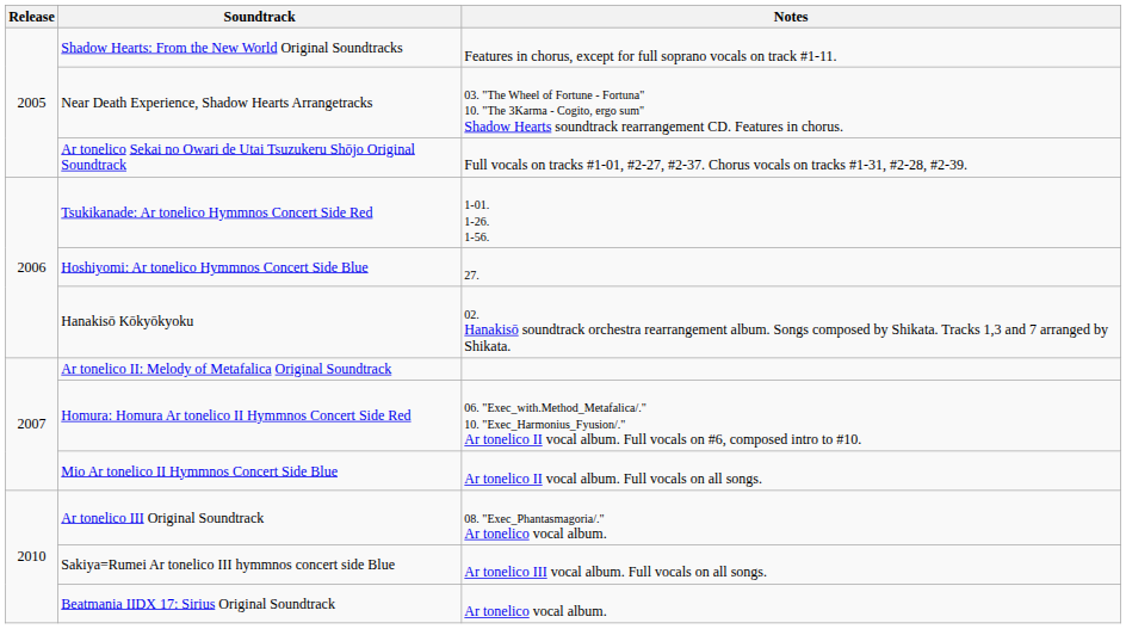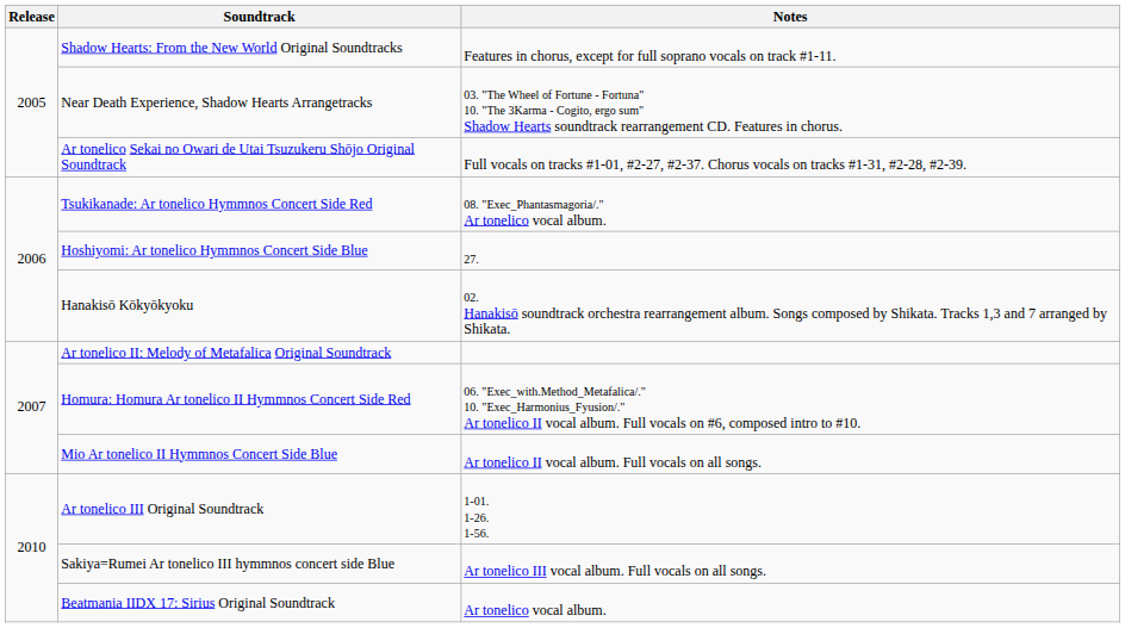 <table class="wikitable" style="text-align:center">
 <tr bgcolor="#CCCCCC">
 <th rowspan="1">Release</th>
 <th rowspan="1">Soundtrack</th>
 <th rowspan="1">Notes</th>
 </tr>
 <tr>
 <td rowspan="3">2005</td>
 <td align="left"><a href='#'>Shadow Hearts: From the New World</a> Original Soundtracks</td>
 <td align="left"><br>Features in chorus, except for full soprano vocals on track #1-11.</td>
 </tr>
 <tr>
 <td align="left">Near Death Experience, Shadow Hearts Arrangetracks</td>
 <td align="left"><br><small>03. "The Wheel of Fortune - Fortuna"<br>10. "The 3Karma - Cogito, ergo sum"</small> <br><a href='#'>Shadow Hearts</a> soundtrack rearrangement CD. Features in chorus.</td>
 </tr>
 <tr>
 <td align="left"><a href='#'>Ar tonelico</a> <a href='#'>Sekai no Owari de Utai Tsuzukeru Shōjo Original Soundtrack</a></td>
 <td align="left"><br>Full vocals on tracks #1-01, #2-27, #2-37. Chorus vocals on tracks #1-31, #2-28, #2-39.</td>
 </tr>
 <tr>
 <td rowspan="3">2006</td>
 <td align="left"><a href='#'>Tsukikanade: Ar tonelico Hymmnos Concert Side Red</a></td>
-<td align="left"><br><small>1-01. <br>1-26. <br>1-56. <br></small></td>
+<td align="left"><br><small>08. "Exec_Phantasmagoria/."</small> <br><a href='#'>Ar tonelico</a> vocal album.</td>
 </tr>
 <tr>
 <td align="left"><a href='#'>Hoshiyomi: Ar tonelico Hymmnos Concert Side Blue</a></td>
 <td align="left"><br><small>27. </small></td>
 </tr>
 <tr>
 <td align="left">Hanakisō Kōkyōkyoku</td>
 <td align="left"><br><small>02. </small> <br><a href='#'>Hanakisō</a> soundtrack orchestra rearrangement album. Songs composed by Shikata. Tracks 1,3 and 7 arranged by Shikata.</td>
 </tr>
 <tr>
 <td rowspan="3">2007</td>
 <td align="left"><a href='#'>Ar tonelico II: Melody of Metafalica</a> <a href='#'>Original Soundtrack</a></td>
 <td align="left"></td>
 </tr>
 <tr>
 <td align="left"><a href='#'>Homura: Homura Ar tonelico II Hymmnos Concert Side Red</a></td>
 <td align="left"><br><small>06. "Exec_with.Method_Metafalica/."<br>10. "Exec_Harmonius_Fyusion/."</small>   <br><a href='#'>Ar tonelico II</a> vocal album. Full vocals on #6, composed intro to #10.</td>
 </tr>
 <tr>
 <td align="left"><a href='#'>Mio Ar tonelico II Hymmnos Concert Side Blue</a></td>
 <td align="left"><br><a href='#'>Ar tonelico II</a> vocal album. Full vocals on all songs.</td>
 </tr>
 <tr>
 <td rowspan="3">2010</td>
 <td align="left"><a href='#'>Ar tonelico III</a> Original Soundtrack</td>
-<td align="left"><br><small>08. "Exec_Phantasmagoria/."</small> <br><a href='#'>Ar tonelico</a> vocal album.</td>
+<td align="left"><br><small>1-01. <br>1-26. <br>1-56. <br></small></td>
 </tr>
 <tr>
 <td align="left">Sakiya=Rumei Ar tonelico III hymmnos concert side Blue</td>
 <td align="left"><br><a href='#'>Ar tonelico III</a> vocal album. Full vocals on all songs.</td>
 </tr>
 <tr>
 <td align="left"><a href='#'>Beatmania IIDX 17: Sirius</a> Original Soundtrack</td>
 <td align="left"><br><a href='#'>Ar tonelico</a> vocal album.</td>
 </tr>
 </table>
